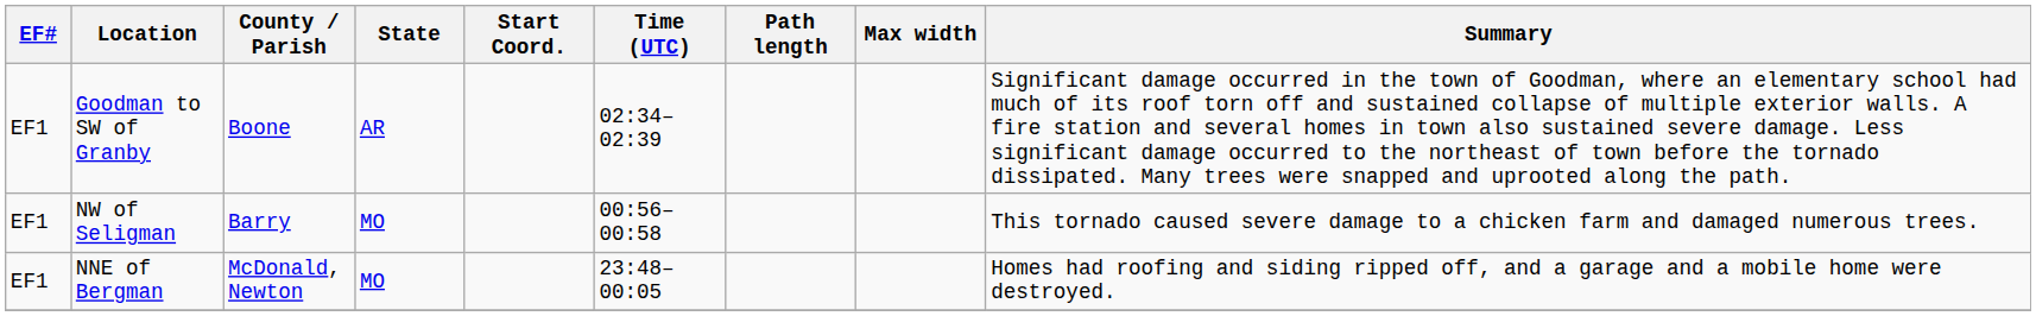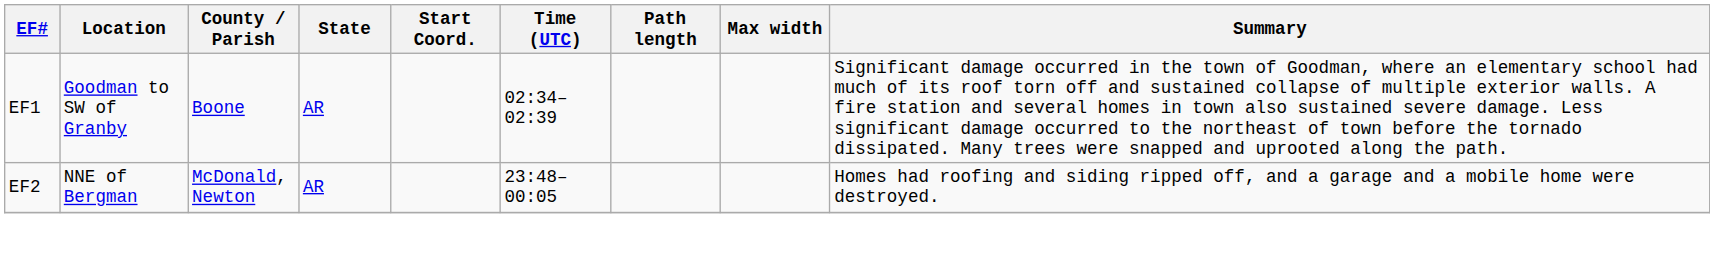 <table class="wikitable sortable" style="width:100%;">
 <tr>
 <th scope="col"  style="width:3%; text-align:center;"><a href='#'>EF#</a></th>
 <th scope="col"  style="width:7%; text-align:center;" class="unsortable">Location</th>
 <th scope="col"  style="width:6%; text-align:center;" class="unsortable">County / Parish</th>
 <th scope="col"  style="width:5%; text-align:center;">State</th>
 <th scope="col"  style="width:6%; text-align:center;">Start Coord.</th>
 <th scope="col"  style="width:6%; text-align:center;">Time (<a href='#'>UTC</a>)</th>
 <th scope="col"  style="width:6%; text-align:center;">Path length</th>
 <th scope="col"  style="width:6%; text-align:center;">Max width</th>
 <th scope="col" class="unsortable" style="width:48%; text-align:center;">Summary</th>
 </tr>
 <tr>
 <td>EF1</td>
 <td><a href='#'>Goodman</a> to SW of <a href='#'>Granby</a></td>
 <td><a href='#'>Boone</a></td>
 <td><a href='#'>AR</a></td>
 <td></td>
 <td>02:34–02:39</td>
 <td></td>
 <td></td>
 <td>Significant damage occurred in the town of Goodman, where an elementary school had much of its roof torn off and sustained collapse of multiple exterior walls. A fire station and several homes in town also sustained severe damage. Less significant damage occurred to the northeast of town before the tornado dissipated. Many trees were snapped and uprooted along the path.</td>
 </tr>
 <tr>
-<td>EF1</td>
-<td>NW of <a href='#'>Seligman</a></td>
-<td><a href='#'>Barry</a></td>
-<td><a href='#'>MO</a></td>
-<td></td>
-<td>00:56–00:58</td>
-<td></td>
-<td></td>
-<td>This tornado caused severe damage to a chicken farm and damaged numerous trees.</td>
-</tr>
-<tr>
-<td>EF1</td>
+<td>EF2</td>
 <td>NNE of <a href='#'>Bergman</a></td>
 <td><a href='#'>McDonald</a>, <a href='#'>Newton</a></td>
-<td><a href='#'>MO</a></td>
+<td><a href='#'>AR</a></td>
 <td></td>
 <td>23:48–00:05</td>
 <td></td>
 <td></td>
 <td>Homes had roofing and siding ripped off, and a garage and a mobile home were destroyed.</td>
 </tr>
 <tr>
 </tr>
 </table>
